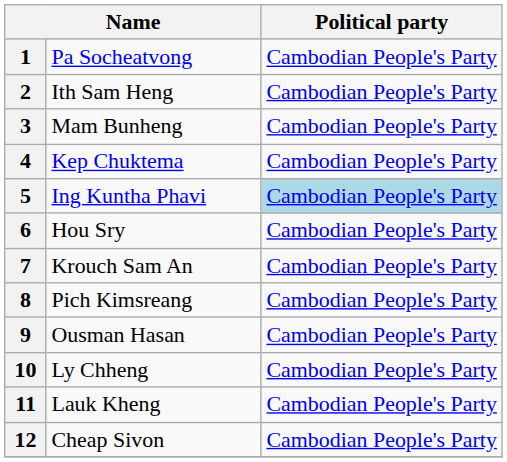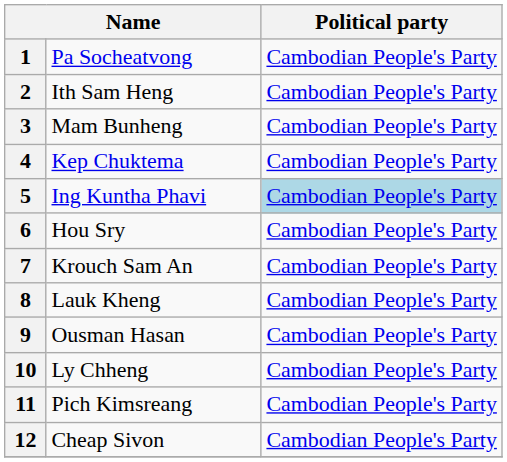 <table class="wikitable">
 <tr>
 <th colspan=2 width=180>Name</th>
 <th>Political party</th>
 </tr>
 <tr>
 <th style="background:">1</th>
 <td><a href='#'>Pa Socheatvong</a></td>
 <td><a href='#'>Cambodian People's Party</a></td>
 </tr>
 <tr>
 <th style="background:">2</th>
 <td>Ith Sam Heng</td>
 <td><a href='#'>Cambodian People's Party</a></td>
 </tr>
 <tr>
 <th style="background:">3</th>
 <td>Mam Bunheng</td>
 <td><a href='#'>Cambodian People's Party</a></td>
 </tr>
 <tr>
 <th style="background:">4</th>
 <td><a href='#'>Kep Chuktema</a></td>
 <td><a href='#'>Cambodian People's Party</a></td>
 </tr>
 <tr>
 <th style="background:">5</th>
 <td><a href='#'>Ing Kuntha Phavi</a></td>
 <td style="background: lightblue;"><a href='#'>Cambodian People's Party</a></td>
 </tr>
 <tr>
 <th style="background:">6</th>
 <td>Hou Sry</td>
 <td><a href='#'>Cambodian People's Party</a></td>
 </tr>
 <tr>
 <th style="background:">7</th>
 <td>Krouch Sam An</td>
 <td><a href='#'>Cambodian People's Party</a></td>
 </tr>
 <tr>
 <th style="background:">8</th>
-<td>Pich Kimsreang</td>
+<td>Lauk Kheng</td>
 <td><a href='#'>Cambodian People's Party</a></td>
 </tr>
 <tr>
 <th style="background:">9</th>
 <td>Ousman Hasan</td>
 <td><a href='#'>Cambodian People's Party</a></td>
 </tr>
 <tr>
 <th style="background:">10</th>
 <td>Ly Chheng</td>
 <td><a href='#'>Cambodian People's Party</a></td>
 </tr>
 <tr>
 <th style="background:">11</th>
-<td>Lauk Kheng</td>
+<td>Pich Kimsreang</td>
 <td><a href='#'>Cambodian People's Party</a></td>
 </tr>
 <tr>
 <th style="background:">12</th>
 <td>Cheap Sivon</td>
 <td><a href='#'>Cambodian People's Party</a></td>
 </tr>
 <tr>
 </tr>
 </table>
